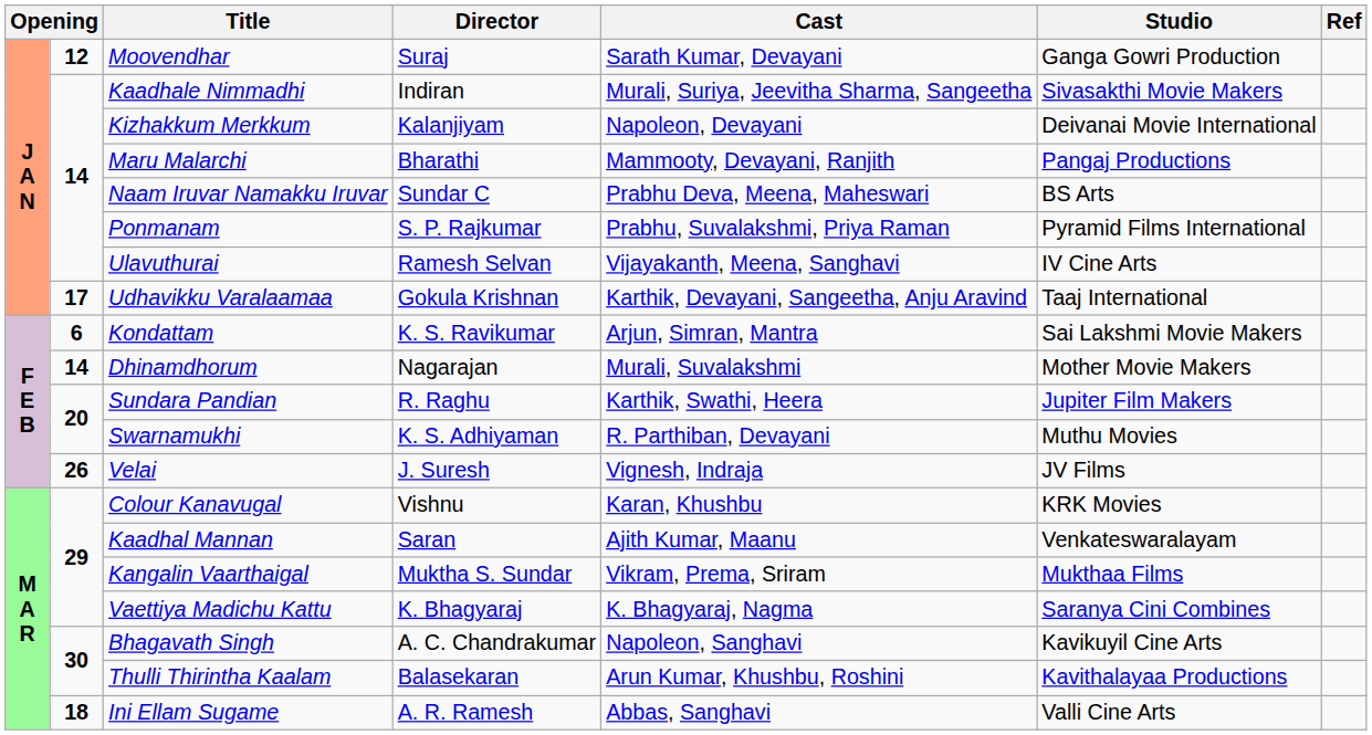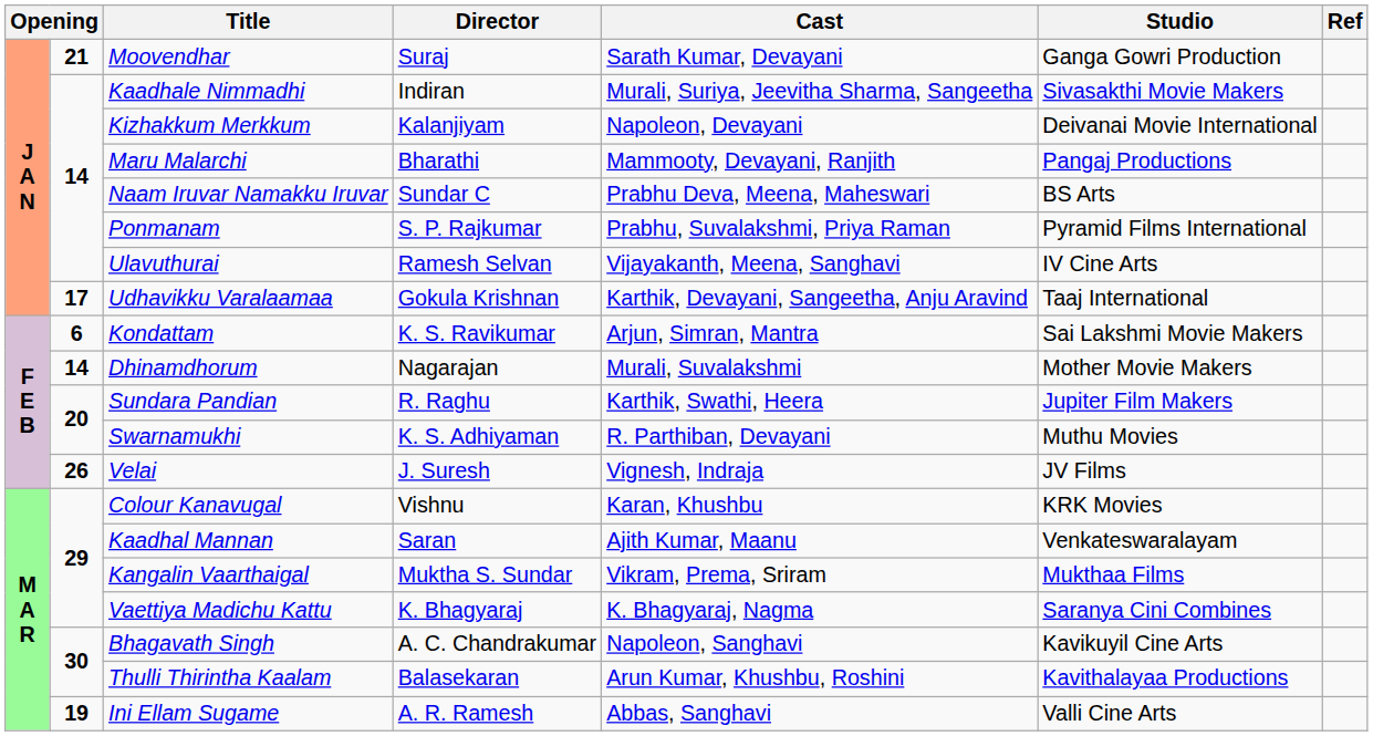 <table class="wikitable">
 <tr>
 <th colspan="2">Opening</th>
 <th>Title</th>
 <th>Director</th>
 <th>Cast</th>
 <th>Studio</th>
 <th>Ref</th>
 </tr>
 <tr>
 <td rowspan="8" valign="center" align="center" style="background:#FFA07A; textcolor:#000;"><strong>J<br>A<br>N</strong></td>
-<td rowspan="1" align="center"><strong>12</strong></td>
+<td rowspan="1" align="center"><strong>21</strong></td>
 <td><em><a href='#'>Moovendhar</a></em></td>
 <td><a href='#'>Suraj</a></td>
 <td><a href='#'>Sarath Kumar</a>, <a href='#'>Devayani</a></td>
 <td>Ganga Gowri Production</td>
 <td></td>
 </tr>
 <tr>
 <td rowspan="6" align="center"><strong>14</strong></td>
 <td><em><a href='#'>Kaadhale Nimmadhi</a></em></td>
 <td>Indiran</td>
 <td><a href='#'>Murali</a>, <a href='#'>Suriya</a>, <a href='#'>Jeevitha Sharma</a>, <a href='#'>Sangeetha</a></td>
 <td><a href='#'>Sivasakthi Movie Makers</a></td>
 <td></td>
 </tr>
 <tr>
 <td><em><a href='#'>Kizhakkum Merkkum</a></em></td>
 <td><a href='#'>Kalanjiyam</a></td>
 <td><a href='#'>Napoleon</a>, <a href='#'>Devayani</a></td>
 <td>Deivanai Movie International</td>
 <td></td>
 </tr>
 <tr>
 <td><em><a href='#'>Maru Malarchi</a></em></td>
 <td><a href='#'>Bharathi</a></td>
 <td><a href='#'>Mammooty</a>, <a href='#'>Devayani</a>, <a href='#'>Ranjith</a></td>
 <td><a href='#'>Pangaj Productions</a></td>
 <td></td>
 </tr>
 <tr>
 <td><em><a href='#'>Naam Iruvar Namakku Iruvar</a></em></td>
 <td><a href='#'>Sundar C</a></td>
 <td><a href='#'>Prabhu Deva</a>, <a href='#'>Meena</a>, <a href='#'>Maheswari</a></td>
 <td>BS Arts</td>
 <td></td>
 </tr>
 <tr>
 <td><em><a href='#'>Ponmanam</a></em></td>
 <td><a href='#'>S. P. Rajkumar</a></td>
 <td><a href='#'>Prabhu</a>, <a href='#'>Suvalakshmi</a>, <a href='#'>Priya Raman</a></td>
 <td>Pyramid Films International</td>
 <td></td>
 </tr>
 <tr>
 <td><em><a href='#'>Ulavuthurai</a></em></td>
 <td><a href='#'>Ramesh Selvan</a></td>
 <td><a href='#'>Vijayakanth</a>, <a href='#'>Meena</a>, <a href='#'>Sanghavi</a></td>
 <td>IV Cine Arts</td>
 <td></td>
 </tr>
 <tr>
 <td rowspan="1" align="center"><strong>17</strong></td>
 <td><em><a href='#'>Udhavikku Varalaamaa</a></em></td>
 <td><a href='#'>Gokula Krishnan</a></td>
 <td><a href='#'>Karthik</a>, <a href='#'>Devayani</a>, <a href='#'>Sangeetha</a>, <a href='#'>Anju Aravind</a></td>
 <td>Taaj International</td>
 <td></td>
 </tr>
 <tr February!>
 <td rowspan="5" valign="center" align="center" style="background:#D8BFD8; textcolor:#000;"><strong>F<br>E<br>B</strong></td>
 <td rowspan="1" align="center"><strong>6</strong></td>
 <td><em><a href='#'>Kondattam</a></em></td>
 <td><a href='#'>K. S. Ravikumar</a></td>
 <td><a href='#'>Arjun</a>, <a href='#'>Simran</a>, <a href='#'>Mantra</a></td>
 <td>Sai Lakshmi Movie Makers</td>
 <td></td>
 </tr>
 <tr>
 <td rowspan="1" align="center"><strong>14</strong></td>
 <td><em><a href='#'>Dhinamdhorum</a></em></td>
 <td>Nagarajan</td>
 <td><a href='#'>Murali</a>, <a href='#'>Suvalakshmi</a></td>
 <td>Mother Movie Makers</td>
 <td></td>
 </tr>
 <tr>
 <td rowspan="2" align="center"><strong>20</strong></td>
 <td><em><a href='#'>Sundara Pandian</a></em></td>
 <td><a href='#'>R. Raghu</a></td>
 <td><a href='#'>Karthik</a>, <a href='#'>Swathi</a>, <a href='#'>Heera</a></td>
 <td><a href='#'>Jupiter Film Makers</a></td>
 <td></td>
 </tr>
 <tr>
 <td><em><a href='#'>Swarnamukhi</a></em></td>
 <td><a href='#'>K. S. Adhiyaman</a></td>
 <td><a href='#'>R. Parthiban</a>, <a href='#'>Devayani</a></td>
 <td>Muthu Movies</td>
 <td></td>
 </tr>
 <tr>
 <td rowspan="1" align="center"><strong>26</strong></td>
 <td><em><a href='#'>Velai</a></em></td>
 <td><a href='#'>J. Suresh</a></td>
 <td><a href='#'>Vignesh</a>, <a href='#'>Indraja</a></td>
 <td>JV Films</td>
 <td></td>
 </tr>
 <tr March>
 <td rowspan="7" valign="center" align="center" style="background:#98FB98; textcolor:#000;"><strong>M<br>A<br>R</strong></td>
 <td rowspan="4" align="center"><strong>29</strong></td>
 <td><em><a href='#'>Colour Kanavugal</a></em></td>
 <td>Vishnu</td>
 <td><a href='#'>Karan</a>, <a href='#'>Khushbu</a></td>
 <td>KRK Movies</td>
 <td></td>
 </tr>
 <tr>
 <td><em><a href='#'>Kaadhal Mannan</a></em></td>
 <td><a href='#'>Saran</a></td>
 <td><a href='#'>Ajith Kumar</a>, <a href='#'>Maanu</a></td>
 <td>Venkateswaralayam</td>
 <td></td>
 </tr>
 <tr>
 <td><em><a href='#'>Kangalin Vaarthaigal</a></em></td>
 <td><a href='#'>Muktha S. Sundar</a></td>
 <td><a href='#'>Vikram</a>, <a href='#'>Prema</a>, Sriram</td>
 <td><a href='#'>Mukthaa Films</a></td>
 <td></td>
 </tr>
 <tr>
 <td><em><a href='#'>Vaettiya Madichu Kattu</a></em></td>
 <td><a href='#'>K. Bhagyaraj</a></td>
 <td><a href='#'>K. Bhagyaraj</a>, <a href='#'>Nagma</a></td>
 <td><a href='#'>Saranya Cini Combines</a></td>
 <td></td>
 </tr>
 <tr>
 <td rowspan="2" align="center"><strong>30</strong></td>
 <td><em><a href='#'>Bhagavath Singh</a></em></td>
 <td>A. C. Chandrakumar</td>
 <td><a href='#'>Napoleon</a>, <a href='#'>Sanghavi</a></td>
 <td>Kavikuyil Cine Arts</td>
 <td></td>
 </tr>
 <tr>
 <td><em><a href='#'>Thulli Thirintha Kaalam</a></em></td>
 <td><a href='#'>Balasekaran</a></td>
 <td><a href='#'>Arun Kumar</a>, <a href='#'>Khushbu</a>, <a href='#'>Roshini</a></td>
 <td><a href='#'>Kavithalayaa Productions</a></td>
 <td></td>
 </tr>
 <tr>
-<td rowspan="1" align="center"><strong>18</strong></td>
+<td rowspan="1" align="center"><strong>19</strong></td>
 <td><em><a href='#'>Ini Ellam Sugame</a></em></td>
 <td><a href='#'>A. R. Ramesh</a></td>
 <td><a href='#'>Abbas</a>, <a href='#'>Sanghavi</a></td>
 <td>Valli Cine Arts</td>
 <td></td>
 </tr>
 </table>
